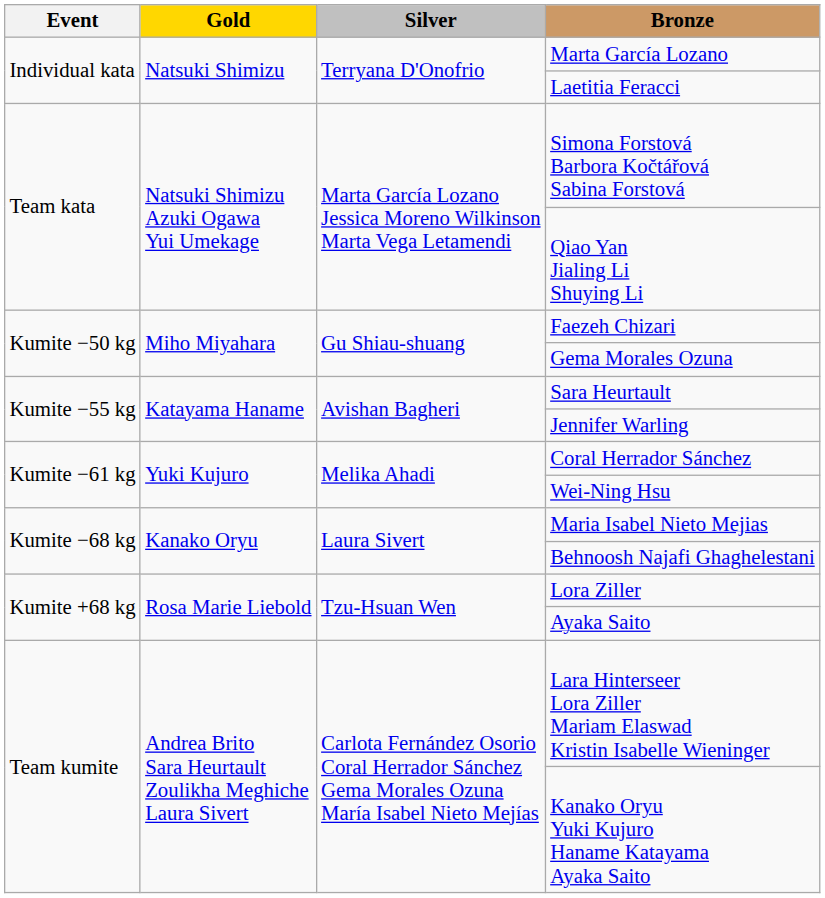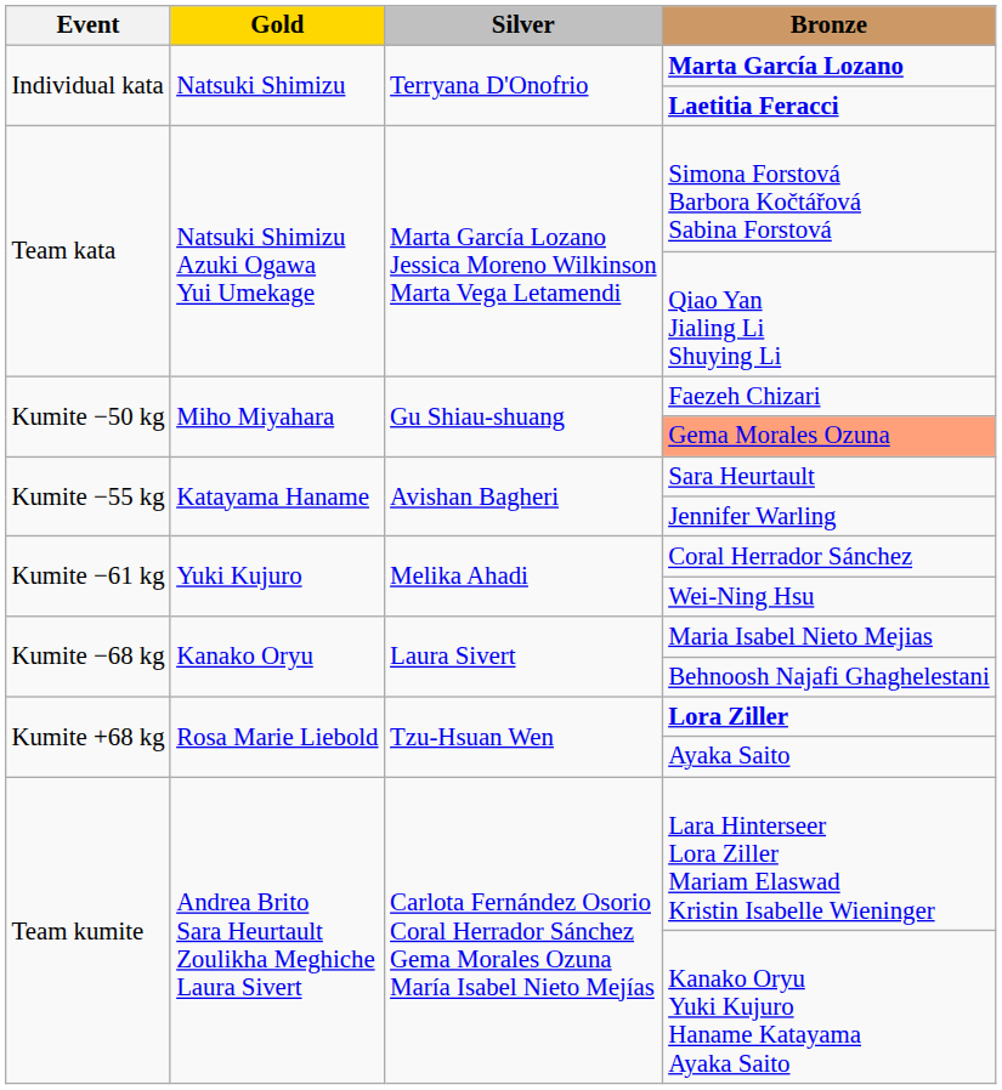 <table class="wikitable">
 <tr>
 <th>Event</th>
 <th style="background-color:gold">Gold</th>
 <th style="background-color:silver">Silver</th>
 <th style="background-color:#CC9966">Bronze</th>
 </tr>
 <tr>
 <td rowspan="2">Individual kata</td>
 <td rowspan="2"><a href='#'>Natsuki Shimizu</a><br></td>
 <td rowspan="2"><a href='#'>Terryana D'Onofrio</a><br></td>
-<td><a href='#'>Marta García Lozano</a><br></td>
+<td><strong><a href='#'>Marta García Lozano</a><br></strong></td>
 </tr>
 <tr>
-<td><a href='#'>Laetitia Feracci</a><br></td>
+<td><strong><a href='#'>Laetitia Feracci</a><br></strong></td>
 </tr>
 <tr>
 <td rowspan="2">Team kata</td>
 <td rowspan="2"><br><a href='#'>Natsuki Shimizu</a><br><a href='#'>Azuki Ogawa</a><br><a href='#'>Yui Umekage</a></td>
 <td rowspan="2"><br><a href='#'>Marta García Lozano</a><br><a href='#'>Jessica Moreno Wilkinson</a><br><a href='#'>Marta Vega Letamendi</a></td>
 <td><br><a href='#'>Simona Forstová</a><br><a href='#'>Barbora Kočtářová</a><br><a href='#'>Sabina Forstová</a></td>
 </tr>
 <tr>
 <td><br><a href='#'>Qiao Yan</a><br><a href='#'>Jialing Li</a><br><a href='#'>Shuying Li</a></td>
 </tr>
 <tr>
 <td rowspan="2">Kumite −50 kg</td>
 <td rowspan="2"><a href='#'>Miho Miyahara</a><br></td>
 <td rowspan="2"><a href='#'>Gu Shiau-shuang</a><br></td>
 <td><a href='#'>Faezeh Chizari</a><br></td>
 </tr>
 <tr>
-<td><a href='#'>Gema Morales Ozuna</a><br></td>
+<td style="background: lightsalmon;"><a href='#'>Gema Morales Ozuna</a><br></td>
 </tr>
 <tr>
 <td rowspan="2">Kumite −55 kg</td>
 <td rowspan="2"><a href='#'>Katayama Haname</a><br></td>
 <td rowspan="2"><a href='#'>Avishan Bagheri</a><br></td>
 <td><a href='#'>Sara Heurtault</a><br></td>
 </tr>
 <tr>
 <td><a href='#'>Jennifer Warling</a><br></td>
 </tr>
 <tr>
 <td rowspan="2">Kumite −61 kg</td>
 <td rowspan="2"><a href='#'>Yuki Kujuro</a><br></td>
 <td rowspan="2"><a href='#'>Melika Ahadi</a><br></td>
 <td><a href='#'>Coral Herrador Sánchez</a><br></td>
 </tr>
 <tr>
 <td><a href='#'>Wei-Ning Hsu</a><br></td>
 </tr>
 <tr>
 <td rowspan="2">Kumite −68 kg</td>
 <td rowspan="2"><a href='#'>Kanako Oryu</a><br></td>
 <td rowspan="2"><a href='#'>Laura Sivert</a><br></td>
 <td><a href='#'>Maria Isabel Nieto Mejias</a><br></td>
 </tr>
 <tr>
 <td><a href='#'>Behnoosh Najafi Ghaghelestani</a><br></td>
 </tr>
 <tr>
 <td rowspan="2">Kumite +68 kg</td>
 <td rowspan="2"><a href='#'>Rosa Marie Liebold</a><br></td>
 <td rowspan="2"><a href='#'>Tzu-Hsuan Wen</a><br></td>
-<td><a href='#'>Lora Ziller</a><br></td>
+<td><strong><a href='#'>Lora Ziller</a><br></strong></td>
 </tr>
 <tr>
 <td><a href='#'>Ayaka Saito</a><br></td>
 </tr>
 <tr>
 <td rowspan="2">Team kumite</td>
 <td rowspan="2"><br><a href='#'>Andrea Brito</a><br><a href='#'>Sara Heurtault</a><br><a href='#'>Zoulikha Meghiche</a><br><a href='#'>Laura Sivert</a></td>
 <td rowspan="2"><br><a href='#'>Carlota Fernández Osorio</a><br><a href='#'>Coral Herrador Sánchez</a><br><a href='#'>Gema Morales Ozuna</a><br><a href='#'>María Isabel Nieto Mejías</a></td>
 <td><br><a href='#'>Lara Hinterseer</a><br><a href='#'>Lora Ziller</a><br><a href='#'>Mariam Elaswad</a><br><a href='#'>Kristin Isabelle Wieninger</a></td>
 </tr>
 <tr>
 <td><br><a href='#'>Kanako Oryu</a><br><a href='#'>Yuki Kujuro</a><br><a href='#'>Haname Katayama</a><br><a href='#'>Ayaka Saito</a></td>
 </tr>
 </table>
